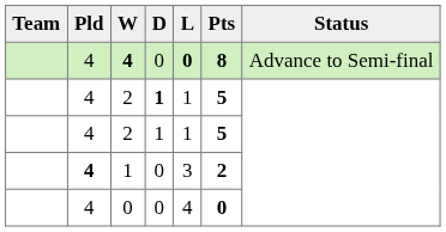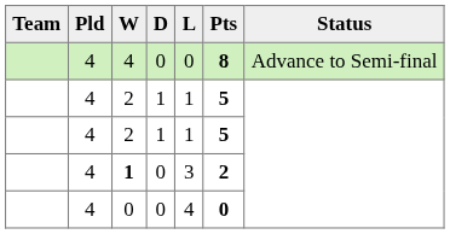 <table style=border-collapse:collapse border=1 cellspacing=0 cellpadding=5>
 <tr align=center bgcolor=#efefef>
 <th>Team</th>
 <th>Pld</th>
 <th>W</th>
 <th>D</th>
 <th>L</th>
 <th>Pts</th>
 <th>Status</th>
 </tr>
 <tr align=center style="background:#D0F0C0;">
 <td style="text-align:left;"> </td>
 <td>4</td>
-<td><strong>4</strong></td>
+<td>4</td>
 <td>0</td>
-<td><strong>0</strong></td>
+<td>0</td>
 <td><strong>8</strong></td>
 <td rowspan=1>Advance to Semi-final</td>
 </tr>
 <tr align=center style="background:#FFFFFF;">
 <td style="text-align:left;"> </td>
 <td>4</td>
 <td>2</td>
-<td><strong>1</strong></td>
+<td>1</td>
 <td>1</td>
 <td><strong>5</strong></td>
 <td rowspan=4></td>
 </tr>
 <tr align=center style="background:#FFFFFF;">
 <td style="text-align:left;"> </td>
 <td>4</td>
 <td>2</td>
 <td>1</td>
 <td>1</td>
 <td><strong>5</strong></td>
 </tr>
 <tr align=center style="background:#FFFFFF;">
 <td style="text-align:left;"> </td>
-<td><strong>4</strong></td>
-<td>1</td>
+<td>4</td>
+<td><strong>1</strong></td>
 <td>0</td>
 <td>3</td>
 <td><strong>2</strong></td>
 </tr>
 <tr align=center style="background:#FFFFFF;">
 <td style="text-align:left;"> </td>
 <td>4</td>
 <td>0</td>
 <td>0</td>
 <td>4</td>
 <td><strong>0</strong></td>
 </tr>
 </table>
